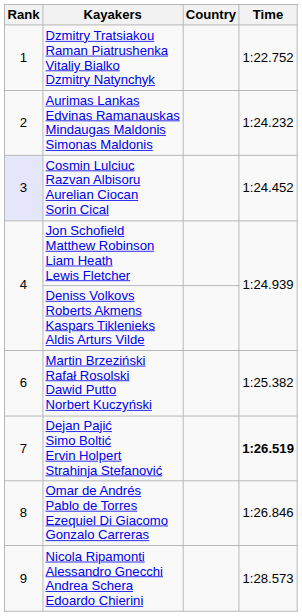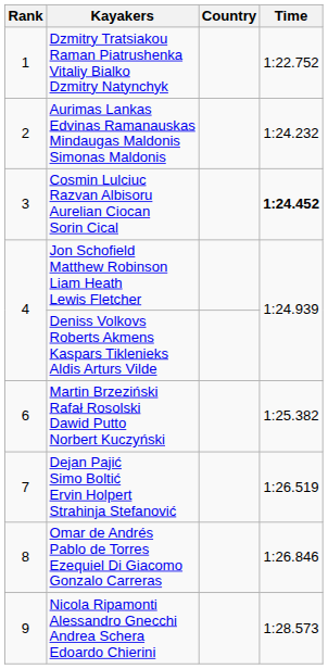 <table class="wikitable" style="text-align:center">
 <tr>
 <th>Rank</th>
 <th>Kayakers</th>
 <th>Country</th>
 <th>Time</th>
 </tr>
 <tr>
 <td>1</td>
 <td align="left"><a href='#'>Dzmitry Tratsiakou</a><br><a href='#'>Raman Piatrushenka</a><br><a href='#'>Vitaliy Bialko</a><br><a href='#'>Dzmitry Natynchyk</a></td>
 <td align="left"></td>
 <td>1:22.752</td>
 </tr>
 <tr>
 <td>2</td>
 <td align="left"><a href='#'>Aurimas Lankas</a><br><a href='#'>Edvinas Ramanauskas</a><br><a href='#'>Mindaugas Maldonis</a><br><a href='#'>Simonas Maldonis</a></td>
 <td align="left"></td>
 <td>1:24.232</td>
 </tr>
 <tr>
-<td style="background: lavender;">3</td>
+<td>3</td>
 <td align="left"><a href='#'>Cosmin Lulciuc</a><br><a href='#'>Razvan Albisoru</a><br><a href='#'>Aurelian Ciocan</a><br><a href='#'>Sorin Cical</a></td>
 <td align="left"></td>
-<td>1:24.452</td>
+<td><strong>1:24.452</strong></td>
 </tr>
 <tr>
 <td rowspan=2>4</td>
 <td align="left"><a href='#'>Jon Schofield</a><br><a href='#'>Matthew Robinson</a><br><a href='#'>Liam Heath</a><br><a href='#'>Lewis Fletcher</a></td>
 <td align="left"></td>
 <td rowspan=2>1:24.939</td>
 </tr>
 <tr>
 <td align="left"><a href='#'>Deniss Volkovs</a><br><a href='#'>Roberts Akmens</a><br><a href='#'>Kaspars Tiklenieks</a><br><a href='#'>Aldis Arturs Vilde</a></td>
 <td align="left"></td>
 </tr>
 <tr>
 <td>6</td>
 <td align="left"><a href='#'>Martin Brzeziński</a><br><a href='#'>Rafał Rosolski</a><br><a href='#'>Dawid Putto</a><br><a href='#'>Norbert Kuczyński</a></td>
 <td align="left"></td>
 <td>1:25.382</td>
 </tr>
 <tr>
 <td>7</td>
 <td align="left"><a href='#'>Dejan Pajić</a><br><a href='#'>Simo Boltić</a><br><a href='#'>Ervin Holpert</a><br><a href='#'>Strahinja Stefanović</a></td>
 <td align="left"></td>
-<td><strong>1:26.519</strong></td>
+<td>1:26.519</td>
 </tr>
 <tr>
 <td>8</td>
 <td align="left"><a href='#'>Omar de Andrés</a><br><a href='#'>Pablo de Torres</a><br><a href='#'>Ezequiel Di Giacomo</a><br><a href='#'>Gonzalo Carreras</a></td>
 <td align="left"></td>
 <td>1:26.846</td>
 </tr>
 <tr>
 <td>9</td>
 <td align="left"><a href='#'>Nicola Ripamonti</a><br><a href='#'>Alessandro Gnecchi</a><br><a href='#'>Andrea Schera</a><br><a href='#'>Edoardo Chierini</a></td>
 <td align="left"></td>
 <td>1:28.573</td>
 </tr>
 </table>
